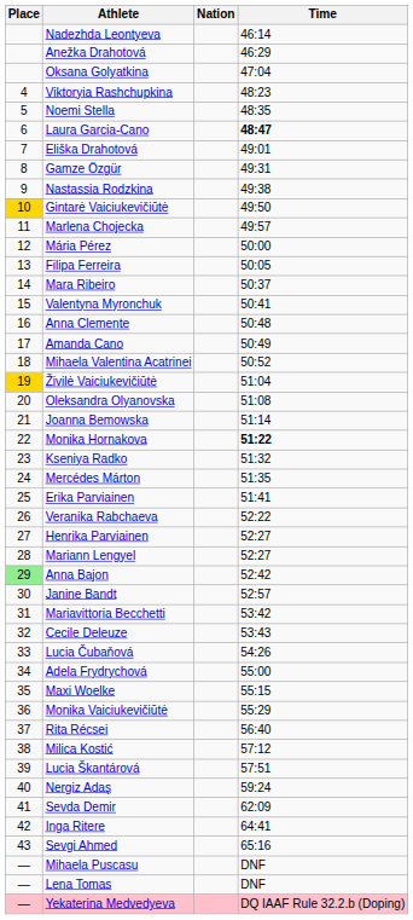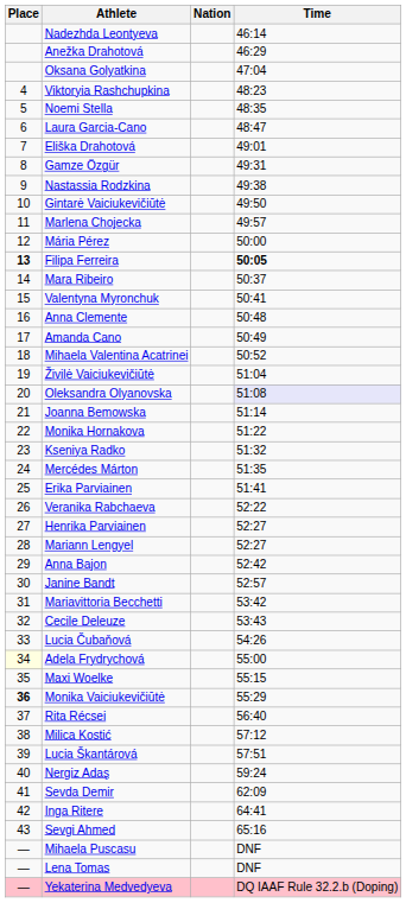 <table class=wikitable>
 <tr>
 <th>Place</th>
 <th>Athlete</th>
 <th>Nation</th>
 <th>Time</th>
 </tr>
 <tr>
 <td align=center></td>
 <td><a href='#'>Nadezhda Leontyeva</a></td>
 <td></td>
 <td>46:14</td>
 </tr>
 <tr>
 <td align=center></td>
 <td><a href='#'>Anežka Drahotová</a></td>
 <td></td>
 <td>46:29</td>
 </tr>
 <tr>
 <td align=center></td>
 <td><a href='#'>Oksana Golyatkina</a></td>
 <td></td>
 <td>47:04</td>
 </tr>
 <tr>
 <td align=center>4</td>
 <td><a href='#'>Viktoryia Rashchupkina</a></td>
 <td></td>
 <td>48:23</td>
 </tr>
 <tr>
 <td align=center>5</td>
 <td><a href='#'>Noemi Stella</a></td>
 <td></td>
 <td>48:35</td>
 </tr>
 <tr>
 <td align=center>6</td>
 <td><a href='#'>Laura Garcia-Cano</a></td>
 <td></td>
-<td><strong>48:47</strong></td>
+<td>48:47</td>
 </tr>
 <tr>
 <td align=center>7</td>
 <td><a href='#'>Eliška Drahotová</a></td>
 <td></td>
 <td>49:01</td>
 </tr>
 <tr>
 <td align=center>8</td>
 <td><a href='#'>Gamze Özgür</a></td>
 <td></td>
 <td>49:31</td>
 </tr>
 <tr>
 <td align=center>9</td>
 <td><a href='#'>Nastassia Rodzkina</a></td>
 <td></td>
 <td>49:38</td>
 </tr>
 <tr>
-<td align=center style="background: gold;">10</td>
+<td align=center>10</td>
 <td><a href='#'>Gintarė Vaiciukevičiūtė</a></td>
 <td></td>
 <td>49:50</td>
 </tr>
 <tr>
 <td align=center>11</td>
 <td><a href='#'>Marlena Chojecka</a></td>
 <td></td>
 <td>49:57</td>
 </tr>
 <tr>
 <td align=center>12</td>
 <td><a href='#'>Mária Pérez</a></td>
 <td></td>
 <td>50:00</td>
 </tr>
 <tr>
-<td align=center>13</td>
+<td align=center><strong>13</strong></td>
 <td><a href='#'>Filipa Ferreira</a></td>
 <td></td>
-<td>50:05</td>
+<td><strong>50:05</strong></td>
 </tr>
 <tr>
 <td align=center>14</td>
 <td><a href='#'>Mara Ribeiro</a></td>
 <td></td>
 <td>50:37</td>
 </tr>
 <tr>
 <td align=center>15</td>
 <td><a href='#'>Valentyna Myronchuk</a></td>
 <td></td>
 <td>50:41</td>
 </tr>
 <tr>
 <td align=center>16</td>
 <td><a href='#'>Anna Clemente</a></td>
 <td></td>
 <td>50:48</td>
 </tr>
 <tr>
 <td align=center>17</td>
 <td><a href='#'>Amanda Cano</a></td>
 <td></td>
 <td>50:49</td>
 </tr>
 <tr>
 <td align=center>18</td>
 <td><a href='#'>Mihaela Valentina Acatrinei</a></td>
 <td></td>
 <td>50:52</td>
 </tr>
 <tr>
-<td align=center style="background: gold;">19</td>
+<td align=center>19</td>
 <td><a href='#'>Živilė Vaiciukevičiūtė</a></td>
 <td></td>
 <td>51:04</td>
 </tr>
 <tr>
 <td align=center>20</td>
 <td><a href='#'>Oleksandra Olyanovska</a></td>
 <td></td>
-<td>51:08</td>
+<td style="background: lavender;">51:08</td>
 </tr>
 <tr>
 <td align=center>21</td>
 <td><a href='#'>Joanna Bemowska</a></td>
 <td></td>
 <td>51:14</td>
 </tr>
 <tr>
 <td align=center>22</td>
 <td><a href='#'>Monika Hornakova</a></td>
 <td></td>
-<td><strong>51:22</strong></td>
+<td>51:22</td>
 </tr>
 <tr>
 <td align=center>23</td>
 <td><a href='#'>Kseniya Radko</a></td>
 <td></td>
 <td>51:32</td>
 </tr>
 <tr>
 <td align=center>24</td>
 <td><a href='#'>Mercédes Márton</a></td>
 <td></td>
 <td>51:35</td>
 </tr>
 <tr>
 <td align=center>25</td>
 <td><a href='#'>Erika Parviainen</a></td>
 <td></td>
 <td>51:41</td>
 </tr>
 <tr>
 <td align=center>26</td>
 <td><a href='#'>Veranika Rabchaeva</a></td>
 <td></td>
 <td>52:22</td>
 </tr>
 <tr>
 <td align=center>27</td>
 <td><a href='#'>Henrika Parviainen</a></td>
 <td></td>
 <td>52:27</td>
 </tr>
 <tr>
 <td align=center>28</td>
 <td><a href='#'>Mariann Lengyel</a></td>
 <td></td>
 <td>52:27</td>
 </tr>
 <tr>
-<td align=center style="background: lightgreen;">29</td>
+<td align=center>29</td>
 <td><a href='#'>Anna Bajon</a></td>
 <td></td>
 <td>52:42</td>
 </tr>
 <tr>
 <td align=center>30</td>
 <td><a href='#'>Janine Bandt</a></td>
 <td></td>
 <td>52:57</td>
 </tr>
 <tr>
 <td align=center>31</td>
 <td><a href='#'>Mariavittoria Becchetti</a></td>
 <td></td>
 <td>53:42</td>
 </tr>
 <tr>
 <td align=center>32</td>
 <td><a href='#'>Cecile Deleuze</a></td>
 <td></td>
 <td>53:43</td>
 </tr>
 <tr>
 <td align=center>33</td>
 <td><a href='#'>Lucia Čubaňová</a></td>
 <td></td>
 <td>54:26</td>
 </tr>
 <tr>
-<td align=center>34</td>
+<td align=center style="background: lightyellow;">34</td>
 <td><a href='#'>Adela Frydrychová</a></td>
 <td></td>
 <td>55:00</td>
 </tr>
 <tr>
 <td align=center>35</td>
 <td><a href='#'>Maxi Woelke</a></td>
 <td></td>
 <td>55:15</td>
 </tr>
 <tr>
-<td align=center>36</td>
+<td align=center><strong>36</strong></td>
 <td><a href='#'>Monika Vaiciukevičiūtė</a></td>
 <td></td>
 <td>55:29</td>
 </tr>
 <tr>
 <td align=center>37</td>
 <td><a href='#'>Rita Récsei</a></td>
 <td></td>
 <td>56:40</td>
 </tr>
 <tr>
 <td align=center>38</td>
 <td><a href='#'>Milica Kostić</a></td>
 <td></td>
 <td>57:12</td>
 </tr>
 <tr>
 <td align=center>39</td>
 <td><a href='#'>Lucia Škantárová</a></td>
 <td></td>
 <td>57:51</td>
 </tr>
 <tr>
 <td align=center>40</td>
 <td><a href='#'>Nergiz Adaş</a></td>
 <td></td>
 <td>59:24</td>
 </tr>
 <tr>
 <td align=center>41</td>
 <td><a href='#'>Sevda Demir</a></td>
 <td></td>
 <td>62:09</td>
 </tr>
 <tr>
 <td align=center>42</td>
 <td><a href='#'>Inga Ritere</a></td>
 <td></td>
 <td>64:41</td>
 </tr>
 <tr>
 <td align=center>43</td>
 <td><a href='#'>Sevgi Ahmed</a></td>
 <td></td>
 <td>65:16</td>
 </tr>
 <tr>
 <td align=center>—</td>
 <td><a href='#'>Mihaela Puscasu</a></td>
 <td></td>
 <td>DNF</td>
 </tr>
 <tr>
 <td align=center>—</td>
 <td><a href='#'>Lena Tomas</a></td>
 <td></td>
 <td>DNF</td>
 </tr>
 <tr bgcolor=pink>
 <td align=center>—</td>
 <td><a href='#'>Yekaterina Medvedyeva</a></td>
 <td></td>
 <td>DQ IAAF Rule 32.2.b (Doping)</td>
 </tr>
 </table>
